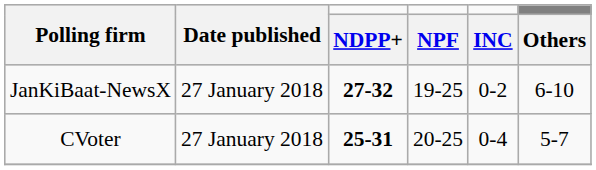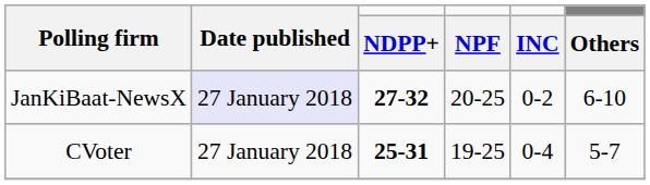 <table class="wikitable collapsible" style="text-align:center;font-size:85%;line-height:25px">
 <tr>
 <th class="wikitable" rowspan="2">Polling firm</th>
 <th class="wikitable" rowspan="2">Date published</th>
 <td></td>
 <td></td>
 <td></td>
 <td style="background:gray;"></td>
 </tr>
 <tr>
 <th class="wikitable"><a href='#'>NDPP</a>+</th>
 <th class="wikitable"><a href='#'>NPF</a></th>
 <th class="wikitable"><a href='#'>INC</a></th>
 <th class="wikitable">Others</th>
 </tr>
 <tr>
 <td>JanKiBaat-NewsX</td>
-<td>27 January 2018</td>
+<td style="background: lavender;">27 January 2018</td>
 <td><strong>27-32</strong></td>
-<td>19-25</td>
+<td>20-25</td>
 <td>0-2</td>
 <td>6-10</td>
 </tr>
 <tr>
 <td>CVoter</td>
 <td>27 January 2018</td>
 <td><strong>25-31</strong></td>
-<td>20-25</td>
+<td>19-25</td>
 <td>0-4</td>
 <td>5-7</td>
 </tr>
 <tr>
 </tr>
 </table>
